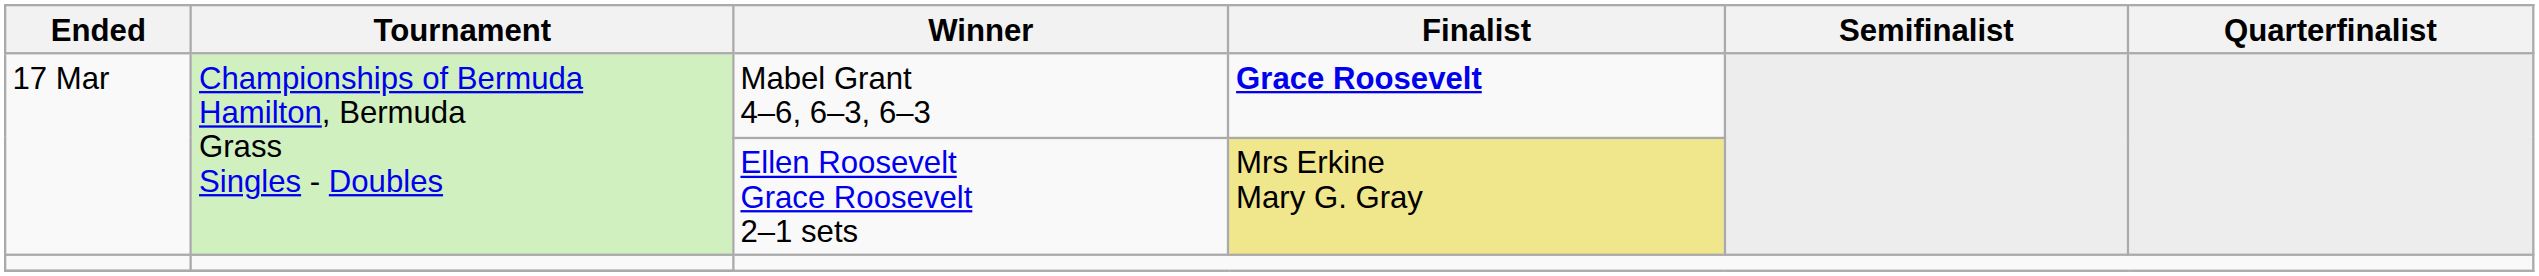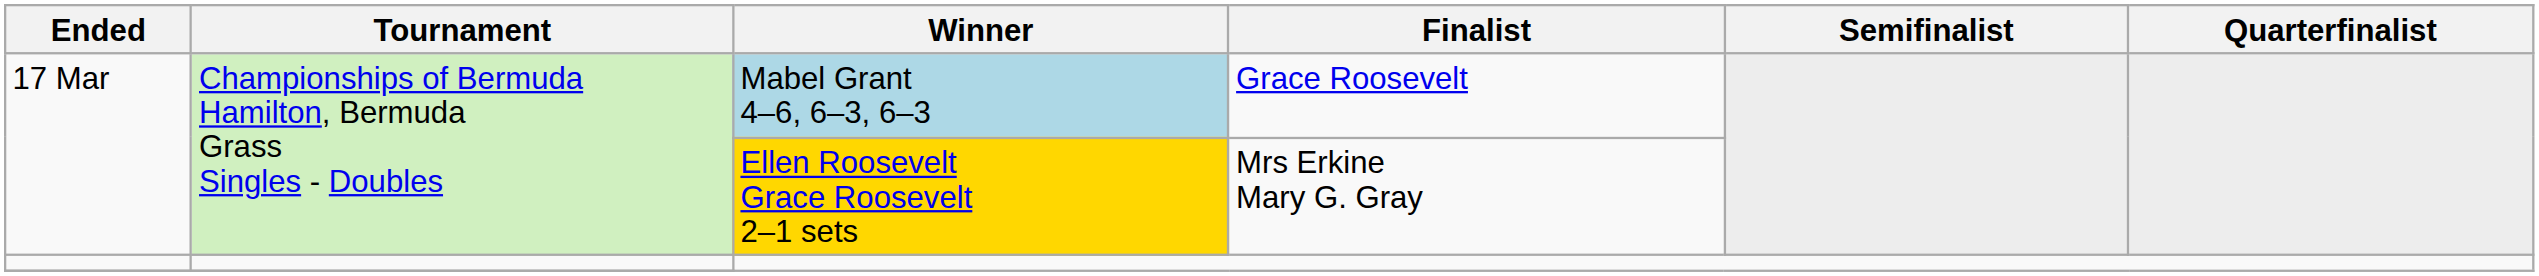 <table class="wikitable" style="font-size:85%;">
 <tr>
 <th width="75">Ended</th>
 <th width="230">Tournament</th>
 <th width="210">Winner</th>
 <th width="210">Finalist</th>
 <th width="170">Semifinalist</th>
 <th width="170">Quarterfinalist</th>
 </tr>
 <tr valign=top>
 <td rowspan=2>17 Mar</td>
 <td style="background:#d0f0c0" rowspan=2><a href='#'>Championships of Bermuda</a><br><a href='#'>Hamilton</a>, Bermuda<br>Grass<br><a href='#'>Singles</a> - <a href='#'>Doubles</a></td>
-<td> Mabel Grant<br>4–6, 6–3, 6–3</td>
-<td><strong> <a href='#'>Grace Roosevelt</a></strong></td>
+<td style="background: lightblue;"> Mabel Grant<br>4–6, 6–3, 6–3</td>
+<td> <a href='#'>Grace Roosevelt</a></td>
 <td style="background:#ededed;" rowspan=2></td>
 <td style="background:#ededed;" rowspan=2></td>
 </tr>
 <tr valign=top>
-<td> <a href='#'>Ellen Roosevelt</a><br> <a href='#'>Grace Roosevelt</a><br>2–1 sets</td>
-<td style="background: khaki;"> Mrs Erkine<br> Mary G. Gray</td>
+<td style="background: gold;"> <a href='#'>Ellen Roosevelt</a><br> <a href='#'>Grace Roosevelt</a><br>2–1 sets</td>
+<td> Mrs Erkine<br> Mary G. Gray</td>
 </tr>
 <tr valign=top>
 <td></td>
 <td></td>
 </tr>
 <tr valign=top>
 </tr>
 </table>
